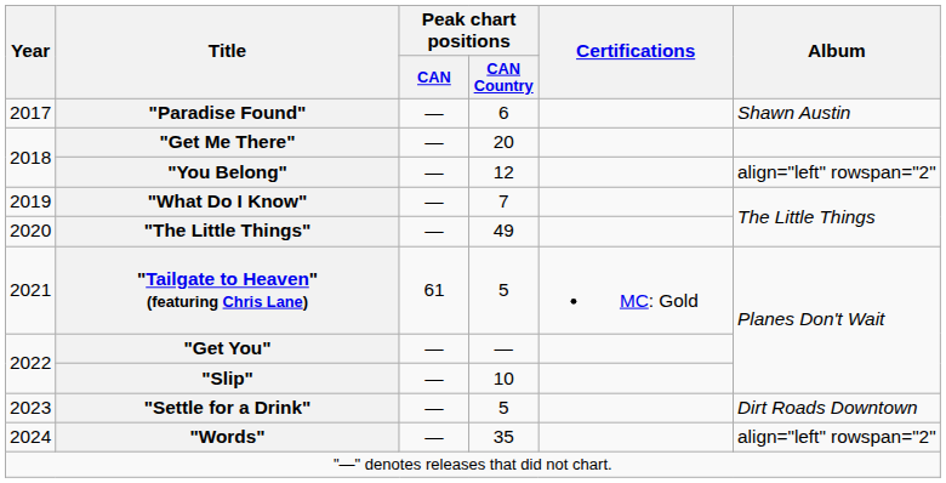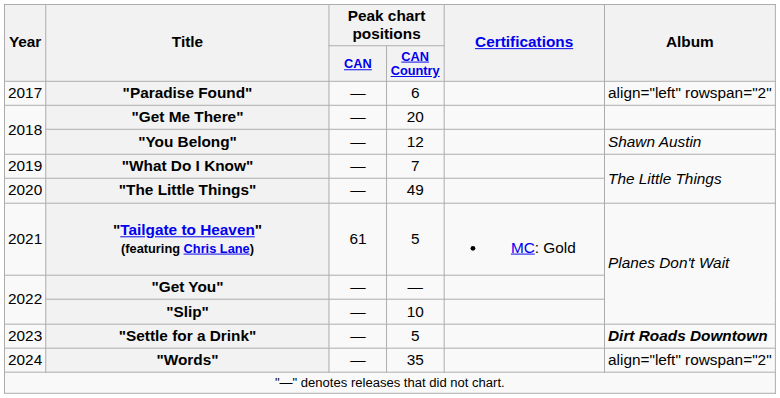 <table class="wikitable plainrowheaders" style="text-align:center;">
 <tr>
 <th scope="col" rowspan="2">Year</th>
 <th scope="col" rowspan="2" style="width:18em;">Title</th>
 <th scope="col" colspan="2">Peak chart positions</th>
 <th scope="col" rowspan="2" style="width:10em;"><a href='#'>Certifications</a></th>
 <th scope="col" rowspan="2">Album</th>
 </tr>
 <tr style="font-size:smaller;">
 <th scope="col" style="width:4em;"><a href='#'>CAN</a><br></th>
 <th scope="col" style="width:4em;"><a href='#'>CAN Country</a><br></th>
 </tr>
 <tr>
 <td>2017</td>
 <th scope="row">"Paradise Found"</th>
 <td>—</td>
 <td>6</td>
 <td></td>
-<td align="left"><em>Shawn Austin</em></td>
+<td>align="left" rowspan="2" </td>
 </tr>
 <tr>
 <td rowspan="2">2018</td>
 <th scope="row">"Get Me There"</th>
 <td>—</td>
 <td>20</td>
 <td></td>
 </tr>
 <tr>
 <th scope="row">"You Belong"</th>
 <td>—</td>
 <td>12</td>
 <td></td>
-<td>align="left" rowspan="2" </td>
+<td align="left"><em>Shawn Austin</em></td>
 </tr>
 <tr>
 <td>2019</td>
 <th scope="row">"What Do I Know"</th>
 <td>—</td>
 <td>7</td>
 <td></td>
 <td align="left" rowspan="2"><em>The Little Things</em></td>
 </tr>
 <tr>
 <td>2020</td>
 <th scope="row">"The Little Things"</th>
 <td>—</td>
 <td>49</td>
 <td></td>
 </tr>
 <tr>
 <td>2021</td>
 <th scope="row">"<a href='#'>Tailgate to Heaven</a>"<br><small>(featuring <a href='#'>Chris Lane</a>)</small></th>
 <td>61</td>
 <td>5</td>
 <td><br><ul><li><a href='#'>MC</a>: Gold</li></ul></td>
 <td align="left" rowspan="3"><em>Planes Don't Wait</em></td>
 </tr>
 <tr>
 <td rowspan="2">2022</td>
 <th scope="row">"Get You"</th>
 <td>—</td>
 <td>—</td>
 <td></td>
 </tr>
 <tr>
 <th scope="row">"Slip"</th>
 <td>—</td>
 <td>10</td>
 <td></td>
 </tr>
 <tr>
 <td>2023</td>
 <th scope="row">"Settle for a Drink"</th>
 <td>—</td>
 <td>5</td>
 <td></td>
-<td align="left"><em>Dirt Roads Downtown</em></td>
+<td align="left"><strong><em>Dirt Roads Downtown</em></strong></td>
 </tr>
 <tr>
 <td>2024</td>
 <th scope="row">"Words"</th>
 <td>—</td>
 <td>35</td>
 <td></td>
 <td>align="left" rowspan="2" </td>
 </tr>
 <tr>
 <td colspan="6" style="font-size:85%">"—" denotes releases that did not chart.</td>
 </tr>
 </table>
